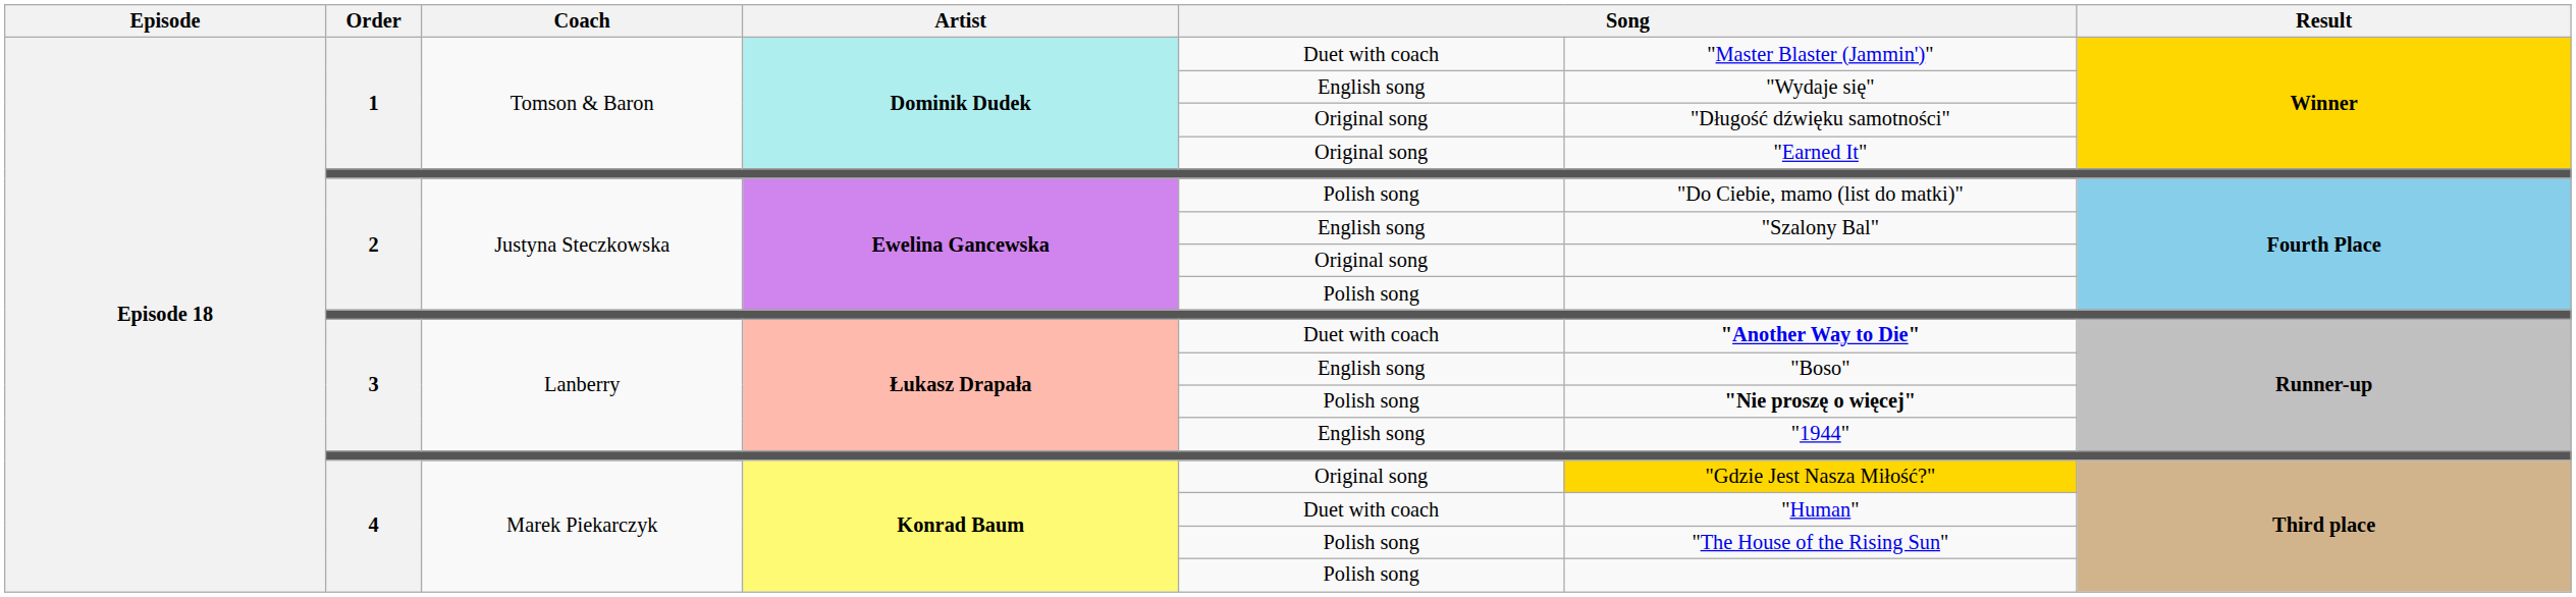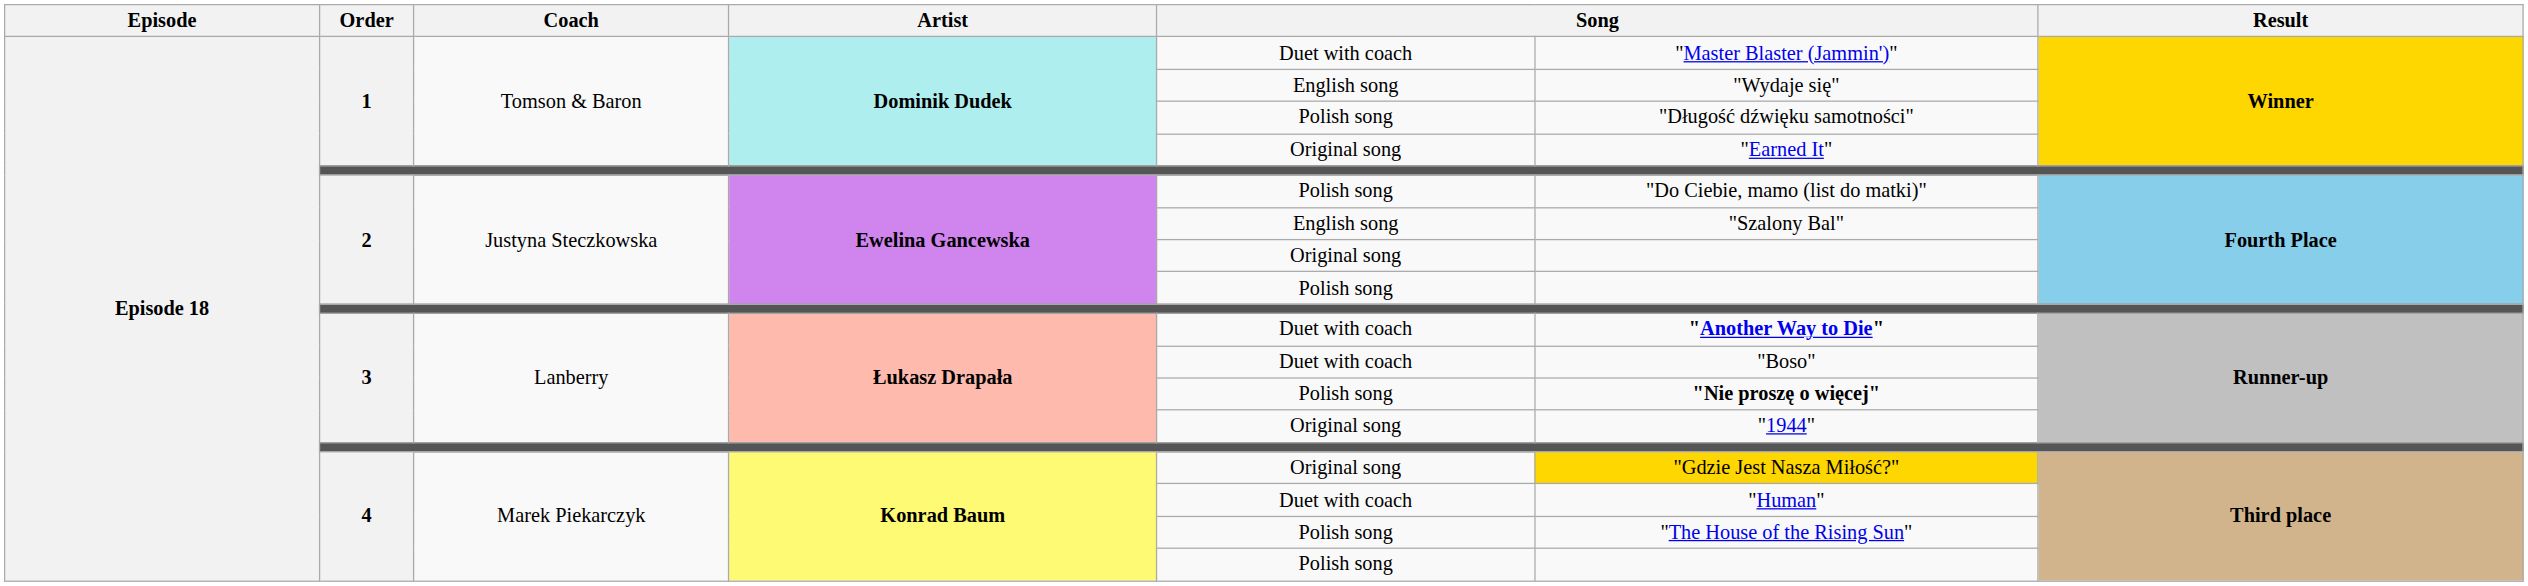 <table class="wikitable" style="width: 100%; text-align: center">
 <tr>
 <th scope="col" style="width:12.5%">Episode</th>
 <th scope="col" style="width:3.75%">Order</th>
 <th scope="col" style="width:12.5%">Coach</th>
 <th scope="col" style="width:17%">Artist</th>
 <th colspan="2" width="35%">Song</th>
 <th scope="col" style="width:20%">Result</th>
 </tr>
 <tr>
 <th rowspan="32">Episode 18 </th>
 <th scope="row" rowspan="4">1</th>
 <td rowspan="4">Tomson & Baron</td>
 <td rowspan="4" style="background:#afeeee"><strong>Dominik Dudek</strong></td>
 <td width="15%">Duet with coach</td>
 <td>"<a href='#'>Master Blaster (Jammin')</a>"</td>
 <td rowspan="4" style="background: gold"><strong>Winner</strong></td>
 </tr>
 <tr>
 <td>English song</td>
 <td>"Wydaje się"</td>
 </tr>
 <tr>
-<td>Original song</td>
+<td>Polish song</td>
 <td>"Długość dźwięku samotności"</td>
 </tr>
 <tr>
 <td>Original song</td>
 <td>"<a href='#'>Earned It</a>"</td>
 </tr>
 <tr>
 <td colspan="6" style="background:#555"></td>
 </tr>
 <tr>
 <th scope="row" rowspan="4">2</th>
 <td rowspan="4">Justyna Steczkowska</td>
 <td rowspan="4"style="background:#d084ee"><strong>Ewelina Gancewska</strong></td>
 <td>Polish song</td>
 <td>"Do Ciebie, mamo (list do matki)"</td>
 <td rowspan="4" style="background: skyblue"><strong>Fourth Place</strong></td>
 </tr>
 <tr>
 <td>English song</td>
 <td>"Szalony Bal"</td>
 </tr>
 <tr>
 <td>Original song</td>
 <td></td>
 </tr>
 <tr>
 <td>Polish song</td>
 <td></td>
 </tr>
 <tr>
 <td colspan="6" style="background:#555"></td>
 </tr>
 <tr>
 <th scope="row" rowspan="4">3</th>
 <td rowspan="4">Lanberry</td>
 <td rowspan="4" style="background:#febaad"><strong>Łukasz Drapała</strong></td>
 <td>Duet with coach</td>
 <td><strong>"<a href='#'>Another Way to Die</a>"</strong></td>
 <td rowspan="4" style="background: silver"><strong>Runner-up</strong></td>
 </tr>
 <tr>
-<td>English song</td>
+<td width="15%">Duet with coach</td>
 <td>"Boso"</td>
 </tr>
 <tr>
 <td>Polish song</td>
 <td><strong>"Nie proszę o więcej"</strong></td>
 </tr>
 <tr>
-<td>English song</td>
+<td>Original song</td>
 <td>"<a href='#'>1944</a>"</td>
 </tr>
 <tr>
 <td colspan="6" style="background:#555"></td>
 </tr>
 <tr>
 <th scope="row" rowspan="4">4</th>
 <td rowspan="4">Marek Piekarczyk</td>
 <td rowspan="4" style="background:#fffa73"><strong>Konrad Baum</strong></td>
 <td>Original song</td>
 <td style="background: gold;">"Gdzie Jest Nasza Miłość?"</td>
 <td rowspan="4" style="background: tan"><strong>Third place</strong></td>
 </tr>
 <tr>
 <td>Duet with coach</td>
 <td>"<a href='#'>Human</a>"</td>
 </tr>
 <tr>
 <td>Polish song</td>
 <td>"<a href='#'>The House of the Rising Sun</a>"</td>
 </tr>
 <tr>
 <td>Polish song</td>
 <td></td>
 </tr>
 </table>
